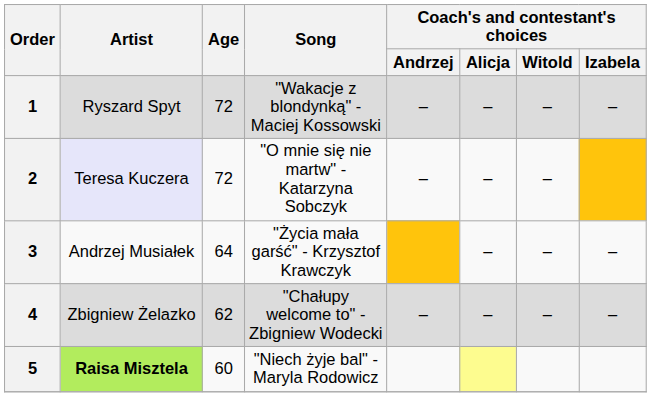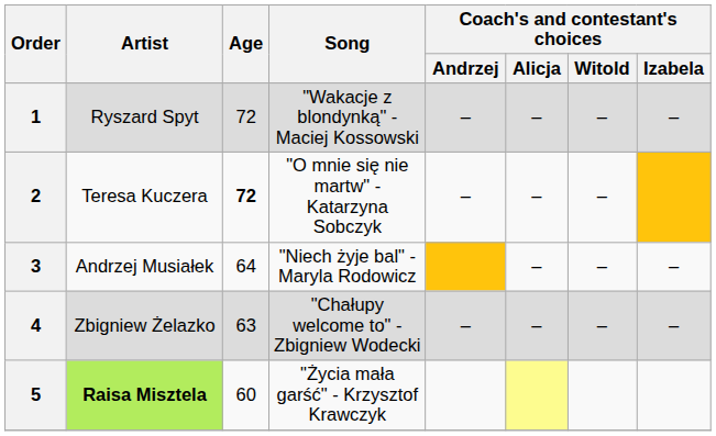 <table class="wikitable" style="text-align:center; width:100%;">
 <tr>
 <th scope="col" rowspan="2" style="width:05%;">Order</th>
 <th scope="col" rowspan="2" style="width:20%;">Artist</th>
 <th scope="col" rowspan="2" style="width:05%;">Age</th>
 <th scope="col" rowspan="2" style="width:20%;">Song</th>
 <th scope="col" colspan="4" style="width:32%;">Coach's and contestant's choices</th>
 </tr>
 <tr>
 <th style="width:07%;">Andrzej</th>
 <th style="width:07%;">Alicja</th>
 <th style="width:07%;">Witold</th>
 <th style="width:07%;">Izabela</th>
 </tr>
 <tr>
 <th>1</th>
 <td style="background:#dcdcdc;">Ryszard Spyt</td>
 <td style="background:#dcdcdc;">72</td>
 <td style="background:#dcdcdc;">"Wakacje z blondynką" - Maciej Kossowski</td>
 <td style="background:#dcdcdc;">–</td>
 <td style="background:#dcdcdc;">–</td>
 <td style="background:#dcdcdc;">–</td>
 <td style="background:#dcdcdc;">–</td>
 </tr>
 <tr>
 <th>2</th>
-<td style="background: lavender;">Teresa Kuczera</td>
-<td>72</td>
+<td>Teresa Kuczera</td>
+<td><strong>72</strong></td>
 <td>"O mnie się nie martw" - Katarzyna Sobczyk</td>
 <td>–</td>
 <td>–</td>
 <td>–</td>
 <td style="background:#ffc40c;"><strong></strong></td>
 </tr>
 <tr>
 <th>3</th>
 <td>Andrzej Musiałek</td>
 <td>64</td>
-<td>"Życia mała garść" - Krzysztof Krawczyk</td>
+<td>"Niech żyje bal" - Maryla Rodowicz</td>
 <td style="background:#ffc40c;"><strong></strong></td>
 <td>–</td>
 <td>–</td>
 <td>–</td>
 </tr>
 <tr>
 <th>4</th>
 <td style="background:#dcdcdc;">Zbigniew Żelazko</td>
-<td style="background:#dcdcdc;">62</td>
+<td style="background:#dcdcdc;">63</td>
 <td style="background:#dcdcdc;">"Chałupy welcome to" - Zbigniew Wodecki</td>
 <td style="background:#dcdcdc;">–</td>
 <td style="background:#dcdcdc;">–</td>
 <td style="background:#dcdcdc;">–</td>
 <td style="background:#dcdcdc;">–</td>
 </tr>
 <tr>
 <th>5</th>
 <td style="background:#B2EC5D;"><strong>Raisa Misztela</strong></td>
 <td>60</td>
-<td>"Niech żyje bal" - Maryla Rodowicz</td>
+<td>"Życia mała garść" - Krzysztof Krawczyk</td>
 <td><strong></strong></td>
 <td style="background:#fdfc8f;"><strong></strong></td>
 <td><strong></strong></td>
 <td><strong></strong></td>
 </tr>
 <tr>
 </tr>
 </table>
